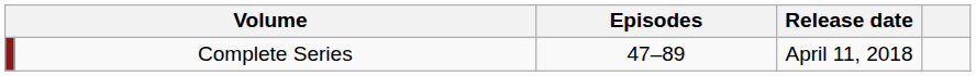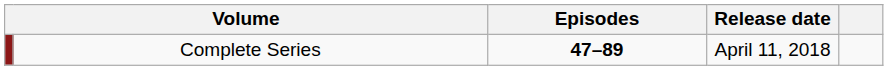 <table class="wikitable" style="text-align: center;">
 <tr>
 <th colspan="2">Volume</th>
 <th width="25%">Episodes</th>
 <th width="15%">Release date</th>
 <th width="5%"></th>
 </tr>
 <tr>
 <td rowspan="1" width="1%" style="background: #8C1717;"></td>
 <td>Complete Series</td>
-<td>47–89</td>
+<td><strong>47–89</strong></td>
 <td>April 11, 2018</td>
 <td></td>
 </tr>
 </table>
